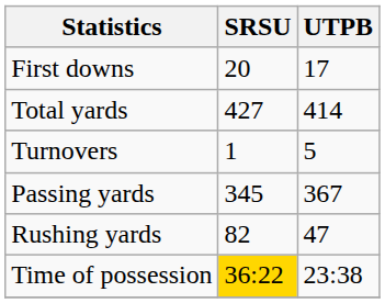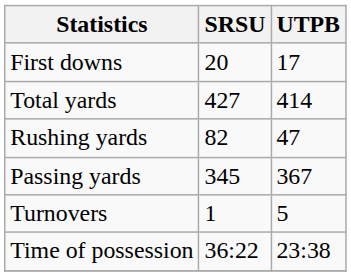 <table class="wikitable" style="float: left;">
 <tr>
 <th>Statistics</th>
 <th>SRSU</th>
 <th>UTPB</th>
 </tr>
 <tr>
 <td>First downs</td>
 <td>20</td>
 <td>17</td>
 </tr>
 <tr>
 <td>Total yards</td>
 <td>427</td>
 <td>414</td>
 </tr>
 <tr>
-<td>Turnovers</td>
-<td>1</td>
-<td>5</td>
+<td>Rushing yards</td>
+<td>82</td>
+<td>47</td>
 </tr>
 <tr>
 <td>Passing yards</td>
 <td>345</td>
 <td>367</td>
 </tr>
 <tr>
-<td>Rushing yards</td>
-<td>82</td>
-<td>47</td>
+<td>Turnovers</td>
+<td>1</td>
+<td>5</td>
 </tr>
 <tr>
 <td>Time of possession</td>
-<td style="background: gold;">36:22</td>
+<td>36:22</td>
 <td>23:38</td>
 </tr>
 <tr>
 </tr>
 </table>
